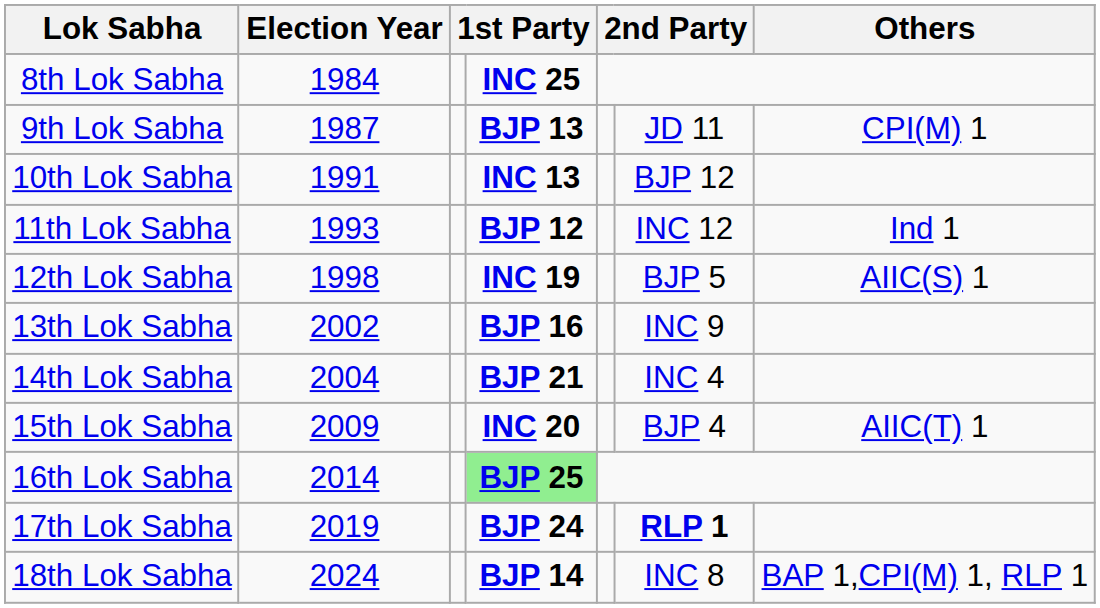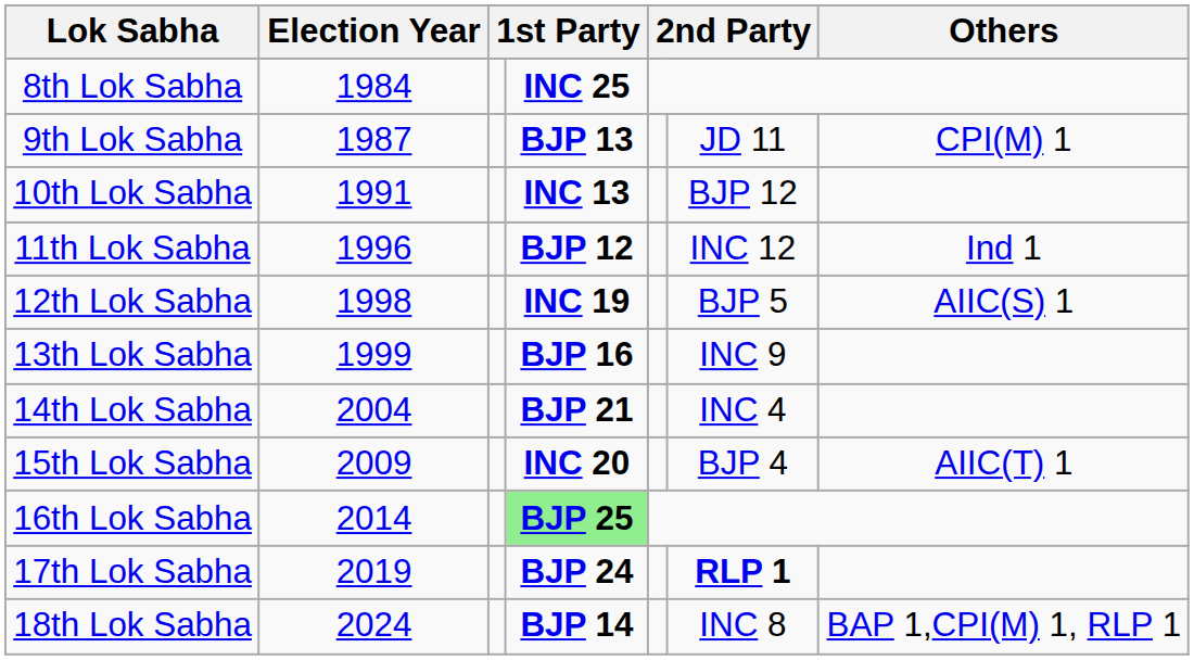 <table class="wikitable" style="text-align:center">
 <tr>
 <th>Lok Sabha</th>
 <th>Election Year</th>
 <th colspan="2">1st Party</th>
 <th colspan="2">2nd Party</th>
 <th>Others</th>
 </tr>
 <tr>
 <td><a href='#'>8th Lok Sabha</a></td>
 <td><a href='#'>1984</a></td>
 <td style="background-color: "></td>
 <td><strong><a href='#'>INC</a> 25</strong></td>
 <td colspan="3"></td>
 </tr>
 <tr>
 <td><a href='#'>9th Lok Sabha</a></td>
 <td><a href='#'>1987</a></td>
 <td style="background-color: "></td>
 <td><strong><a href='#'>BJP</a> 13</strong></td>
 <td style="background-color: "></td>
 <td><a href='#'>JD</a> 11</td>
 <td><a href='#'>CPI(M)</a> 1</td>
 </tr>
 <tr>
 <td><a href='#'>10th Lok Sabha</a></td>
 <td><a href='#'>1991</a></td>
 <td style="background-color: "></td>
 <td><strong><a href='#'>INC</a> 13</strong></td>
 <td style="background-color: "></td>
 <td><a href='#'>BJP</a> 12</td>
 <td></td>
 </tr>
 <tr>
 <td><a href='#'>11th Lok Sabha</a></td>
-<td><a href='#'>1993</a></td>
+<td><a href='#'>1996</a></td>
 <td style="background-color: "></td>
 <td><strong><a href='#'>BJP</a> 12</strong></td>
 <td style="background-color: "></td>
 <td><a href='#'>INC</a> 12</td>
 <td><a href='#'>Ind</a> 1</td>
 </tr>
 <tr>
 <td><a href='#'>12th Lok Sabha</a></td>
 <td><a href='#'>1998</a></td>
 <td style="background-color: "></td>
 <td><strong><a href='#'>INC</a> 19</strong></td>
 <td style="background-color: "></td>
 <td><a href='#'>BJP</a> 5</td>
 <td><a href='#'>AIIC(S)</a> 1</td>
 </tr>
 <tr>
 <td><a href='#'>13th Lok Sabha</a></td>
-<td><a href='#'>2002</a></td>
+<td><a href='#'>1999</a></td>
 <td style="background-color: "></td>
 <td><strong><a href='#'>BJP</a> 16</strong></td>
 <td style="background-color: "></td>
 <td><a href='#'>INC</a> 9</td>
 <td></td>
 </tr>
 <tr>
 <td><a href='#'>14th Lok Sabha</a></td>
 <td><a href='#'>2004</a></td>
 <td style="background-color: "></td>
 <td><strong><a href='#'>BJP</a> 21</strong></td>
 <td style="background-color: "></td>
 <td><a href='#'>INC</a> 4</td>
 <td></td>
 </tr>
 <tr>
 <td><a href='#'>15th Lok Sabha</a></td>
 <td><a href='#'>2009</a></td>
 <td style="background-color: "></td>
 <td><strong><a href='#'>INC</a> 20</strong></td>
 <td style="background-color: "></td>
 <td><a href='#'>BJP</a> 4</td>
 <td><a href='#'>AIIC(T)</a> 1</td>
 </tr>
 <tr>
 <td><a href='#'>16th Lok Sabha</a></td>
 <td><a href='#'>2014</a></td>
 <td style="background-color: "></td>
 <td style="background: lightgreen;"><strong><a href='#'>BJP</a> 25</strong></td>
 <td colspan="3"></td>
 </tr>
 <tr>
 <td><a href='#'>17th Lok Sabha</a></td>
 <td><a href='#'>2019</a></td>
 <td style="background-color: "></td>
 <td><strong><a href='#'>BJP</a> 24</strong></td>
 <td style="background-color: "></td>
 <td><strong><a href='#'>RLP</a> 1</strong></td>
 <td></td>
 </tr>
 <tr>
 <td><a href='#'>18th Lok Sabha</a></td>
 <td><a href='#'>2024</a></td>
 <td style="background-color: "></td>
 <td><strong><a href='#'>BJP</a> 14</strong></td>
 <td style="background-color: "></td>
 <td><a href='#'>INC</a> 8</td>
 <td><a href='#'>BAP</a> 1,<a href='#'>CPI(M)</a> 1, <a href='#'>RLP</a> 1</td>
 </tr>
 </table>
